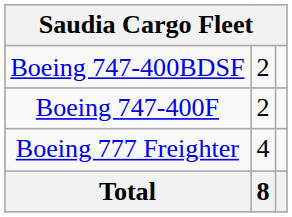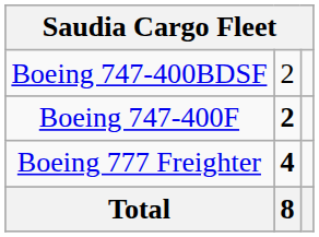 <table class="wikitable" style="border-collapse:collapse;text-align:center; margin: 1em auto;">
 <tr>
 <th colspan="6">Saudia Cargo Fleet</th>
 </tr>
 <tr>
 <td><a href='#'>Boeing 747-400BDSF</a></td>
 <td>2</td>
 <td colspan="4" class="unsortable"><abbr></abbr></td>
 </tr>
 <tr>
 <td><a href='#'>Boeing 747-400F</a></td>
-<td>2</td>
+<td><strong>2</strong></td>
 <td colspan="4" class="unsortable"><abbr></abbr></td>
 </tr>
 <tr>
 <td><a href='#'>Boeing 777 Freighter</a></td>
-<td>4</td>
+<td><strong>4</strong></td>
 <td colspan="4" class="unsortable"><abbr></abbr></td>
 </tr>
 <tr>
 <th>Total</th>
 <th>8</th>
 <th colspan="4"></th>
 </tr>
 </table>
